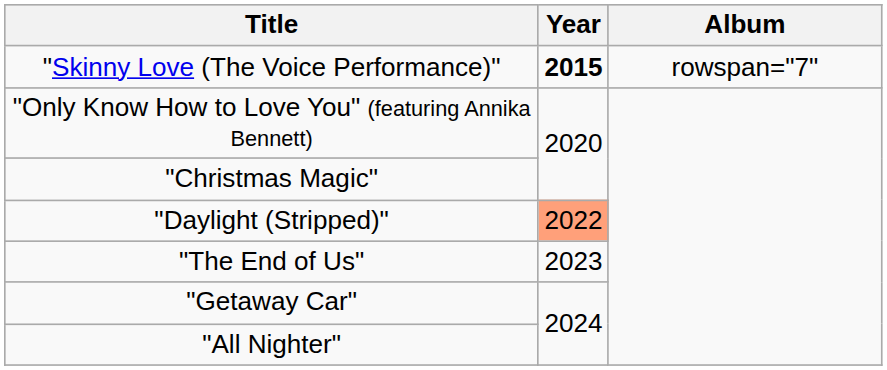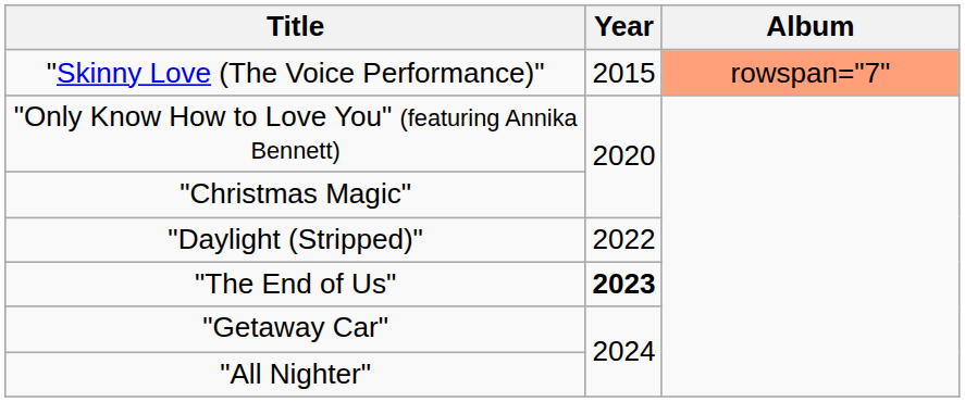 <table class="wikitable plainrowheaders" style="text-align:center;">
 <tr>
 <th style="width:20em;">Title</th>
 <th style="width:1em;">Year</th>
 <th style="width:10em;">Album</th>
 </tr>
 <tr>
 <td>"<a href='#'>Skinny Love</a> (The Voice Performance)"</td>
-<td><strong>2015</strong></td>
-<td>rowspan="7" </td>
+<td>2015</td>
+<td style="background: lightsalmon;">rowspan="7" </td>
 </tr>
 <tr>
 <td>"Only Know How to Love You" <small>(featuring Annika Bennett)</small></td>
 <td rowspan="2">2020</td>
 </tr>
 <tr>
 <td>"Christmas Magic"</td>
 </tr>
 <tr>
 <td>"Daylight (Stripped)"</td>
-<td style="background: lightsalmon;">2022</td>
+<td>2022</td>
 </tr>
 <tr>
 <td>"The End of Us"</td>
-<td>2023</td>
+<td><strong>2023</strong></td>
 </tr>
 <tr>
 <td>"Getaway Car"</td>
 <td rowspan="2">2024</td>
 </tr>
 <tr>
 <td>"All Nighter"</td>
 </tr>
 </table>
